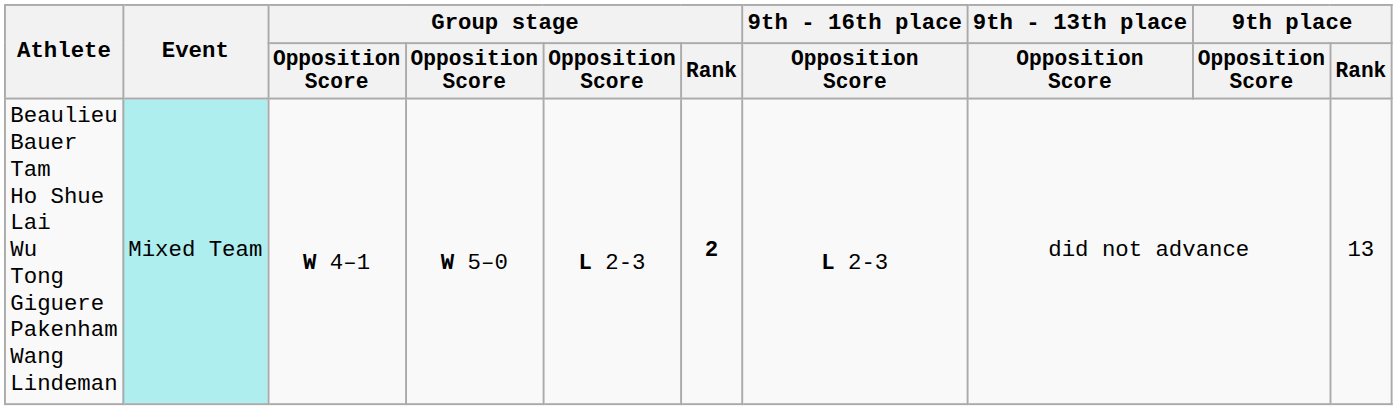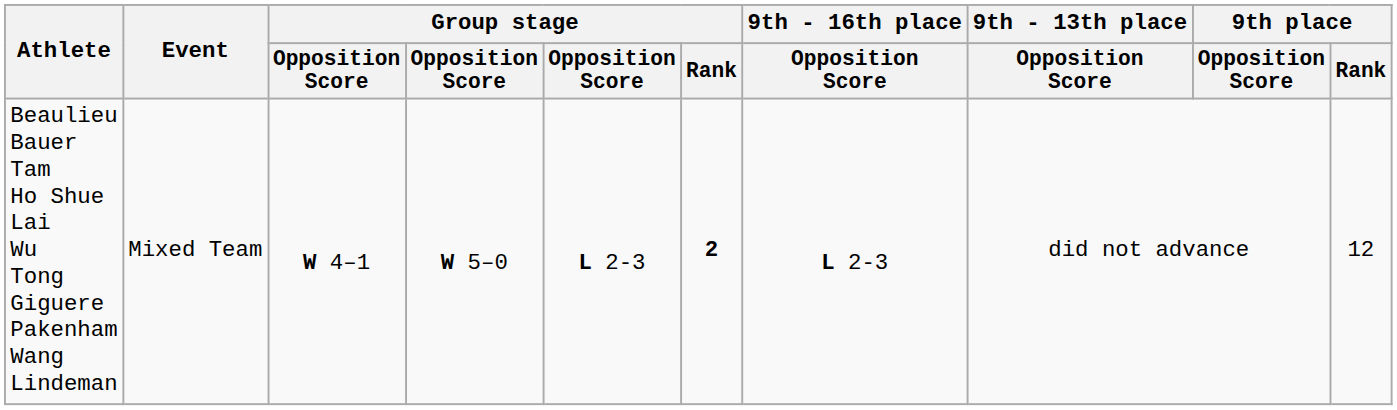 <table class="wikitable" style="font-size:90%">
 <tr>
 <th rowspan="2">Athlete</th>
 <th rowspan="2">Event</th>
 <th colspan="4">Group stage</th>
 <th>9th - 16th place</th>
 <th>9th - 13th place</th>
 <th colspan=2>9th place</th>
 </tr>
 <tr style="font-size:95%">
 <th>Opposition<br>Score</th>
 <th>Opposition<br>Score</th>
 <th>Opposition<br>Score</th>
 <th>Rank</th>
 <th>Opposition<br>Score</th>
 <th>Opposition<br>Score</th>
 <th>Opposition<br>Score</th>
 <th>Rank</th>
 </tr>
 <tr align=center>
 <td align=left>Beaulieu<br>Bauer<br>Tam<br>Ho Shue<br>Lai<br>Wu<br>Tong<br>Giguere<br>Pakenham<br>Wang<br>Lindeman</td>
-<td align=left style="background: paleturquoise;">Mixed Team</td>
+<td align=left>Mixed Team</td>
 <td><br><strong>W</strong> 4–1</td>
 <td><br><strong>W</strong> 5–0</td>
 <td><br><strong>L</strong> 2-3</td>
 <td><strong>2</strong></td>
 <td><br><strong>L</strong> 2-3</td>
 <td colspan=2>did not advance</td>
-<td>13</td>
+<td>12</td>
 </tr>
 </table>
